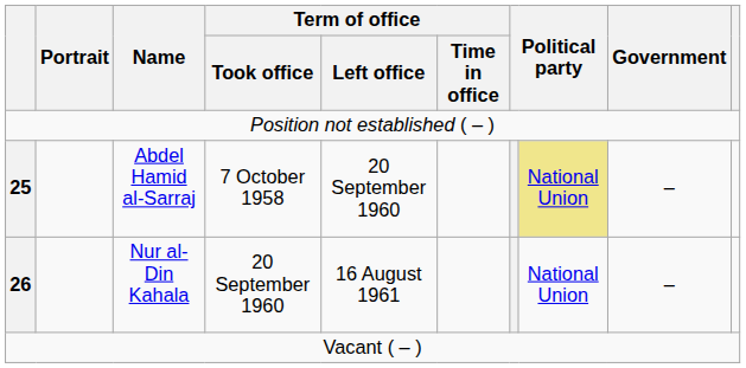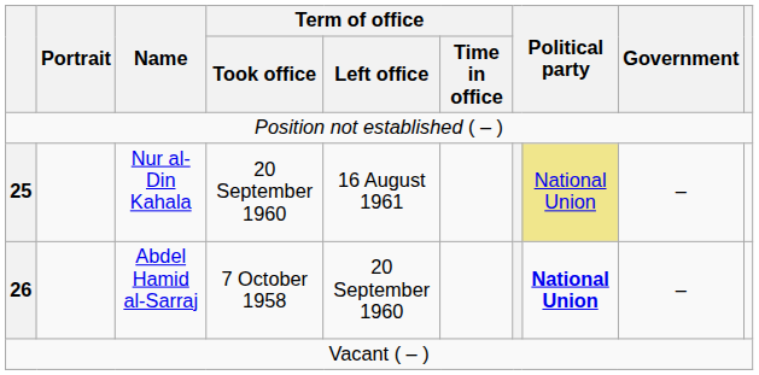 <table class="wikitable" style="text-align:center">
 <tr>
 <th rowspan="2"></th>
 <th rowspan="2">Portrait</th>
 <th rowspan="2">Name<br></th>
 <th colspan="3">Term of office</th>
 <th colspan="2" rowspan="2">Political party</th>
 <th rowspan="2">Government</th>
 <th rowspan="2"></th>
 </tr>
 <tr>
 <th>Took office</th>
 <th>Left office</th>
 <th>Time in office</th>
 </tr>
 <tr>
 <td colspan="11"><em>Position not established</em> ( – )</td>
 </tr>
 <tr>
 <th>25</th>
 <td></td>
-<td><a href='#'>Abdel Hamid al-Sarraj</a><br><br></td>
-<td>7 October 1958</td>
+<td><a href='#'>Nur al-Din Kahala</a><br><br></td>
 <td>20 September 1960</td>
+<td>16 August 1961</td>
 <td></td>
 <th style="background:"></th>
 <td style="background: khaki;"><a href='#'>National Union</a></td>
 <td>–</td>
 <td></td>
 </tr>
 <tr>
 <th>26</th>
 <td></td>
-<td><a href='#'>Nur al-Din Kahala</a><br><br></td>
+<td><a href='#'>Abdel Hamid al-Sarraj</a><br><br></td>
+<td>7 October 1958</td>
 <td>20 September 1960</td>
-<td>16 August 1961</td>
 <td></td>
 <th style="background:"></th>
-<td><a href='#'>National Union</a></td>
+<td><strong><a href='#'>National Union</a></strong></td>
 <td>–</td>
 <td></td>
 </tr>
 <tr>
 <td colspan="11">Vacant ( – )</td>
 </tr>
 </table>
